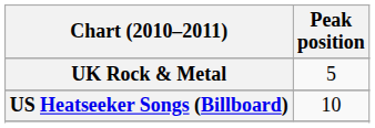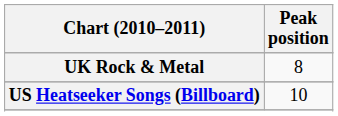 <table class="wikitable sortable plainrowheaders" style="text-align:center">
 <tr>
 <th scope="col">Chart (2010–2011)</th>
 <th scope="col">Peak<br>position</th>
 </tr>
 <tr>
 </tr>
 <tr>
 <th scope="row">UK Rock & Metal</th>
-<td style="text-align:center;">5</td>
+<td style="text-align:center;">8</td>
 </tr>
 <tr>
 </tr>
 <tr>
 </tr>
 <tr>
 <th scope="row">US <a href='#'>Heatseeker Songs</a> (<em><a href='#'></em>Billboard<em></a></em>)</th>
 <td style="text=align:center;">10</td>
 </tr>
 <tr>
 </tr>
 <tr>
 </tr>
 <tr>
 </tr>
 </table>
